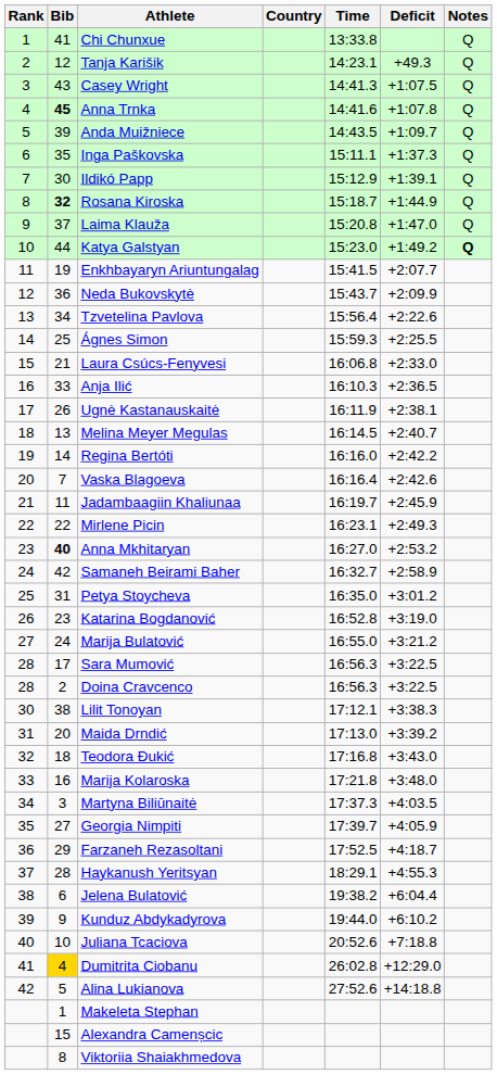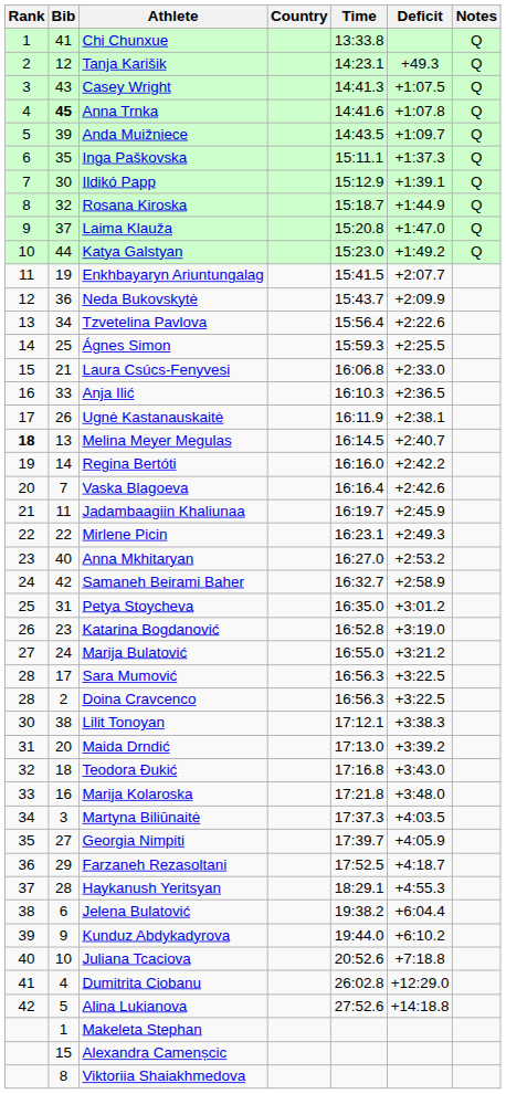 <table class="wikitable sortable" style="text-align:center">
 <tr>
 <th>Rank</th>
 <th>Bib</th>
 <th>Athlete</th>
 <th>Country</th>
 <th>Time</th>
 <th>Deficit</th>
 <th>Notes</th>
 </tr>
 <tr bgcolor=ccffcc>
 <td>1</td>
 <td>41</td>
 <td align=left><a href='#'>Chi Chunxue</a></td>
 <td align=left></td>
 <td>13:33.8</td>
 <td></td>
 <td>Q</td>
 </tr>
 <tr bgcolor=ccffcc>
 <td>2</td>
 <td>12</td>
 <td align=left><a href='#'>Tanja Karišik</a></td>
 <td align=left></td>
 <td>14:23.1</td>
 <td>+49.3</td>
 <td>Q</td>
 </tr>
 <tr bgcolor=ccffcc>
 <td>3</td>
 <td>43</td>
 <td align=left><a href='#'>Casey Wright</a></td>
 <td align=left></td>
 <td>14:41.3</td>
 <td>+1:07.5</td>
 <td>Q</td>
 </tr>
 <tr bgcolor=ccffcc>
 <td>4</td>
 <td><strong>45</strong></td>
 <td align=left><a href='#'>Anna Trnka</a></td>
 <td align=left></td>
 <td>14:41.6</td>
 <td>+1:07.8</td>
 <td>Q</td>
 </tr>
 <tr bgcolor=ccffcc>
 <td>5</td>
 <td>39</td>
 <td align=left><a href='#'>Anda Muižniece</a></td>
 <td align=left></td>
 <td>14:43.5</td>
 <td>+1:09.7</td>
 <td>Q</td>
 </tr>
 <tr bgcolor=ccffcc>
 <td>6</td>
 <td>35</td>
 <td align=left><a href='#'>Inga Paškovska</a></td>
 <td align=left></td>
 <td>15:11.1</td>
 <td>+1:37.3</td>
 <td>Q</td>
 </tr>
 <tr bgcolor=ccffcc>
 <td>7</td>
 <td>30</td>
 <td align=left><a href='#'>Ildikó Papp</a></td>
 <td align=left></td>
 <td>15:12.9</td>
 <td>+1:39.1</td>
 <td>Q</td>
 </tr>
 <tr bgcolor=ccffcc>
 <td>8</td>
-<td><strong>32</strong></td>
+<td>32</td>
 <td align=left><a href='#'>Rosana Kiroska</a></td>
 <td align=left></td>
 <td>15:18.7</td>
 <td>+1:44.9</td>
 <td>Q</td>
 </tr>
 <tr bgcolor=ccffcc>
 <td>9</td>
 <td>37</td>
 <td align=left><a href='#'>Laima Klauža</a></td>
 <td align=left></td>
 <td>15:20.8</td>
 <td>+1:47.0</td>
 <td>Q</td>
 </tr>
 <tr bgcolor=ccffcc>
 <td>10</td>
 <td>44</td>
 <td align=left><a href='#'>Katya Galstyan</a></td>
 <td align=left></td>
 <td>15:23.0</td>
 <td>+1:49.2</td>
-<td><strong>Q</strong></td>
+<td>Q</td>
 </tr>
 <tr>
 <td>11</td>
 <td>19</td>
 <td align=left><a href='#'>Enkhbayaryn Ariuntungalag</a></td>
 <td align=left></td>
 <td>15:41.5</td>
 <td>+2:07.7</td>
 <td></td>
 </tr>
 <tr>
 <td>12</td>
 <td>36</td>
 <td align=left><a href='#'>Neda Bukovskytė</a></td>
 <td align=left></td>
 <td>15:43.7</td>
 <td>+2:09.9</td>
 <td></td>
 </tr>
 <tr>
 <td>13</td>
 <td>34</td>
 <td align=left><a href='#'>Tzvetelina Pavlova</a></td>
 <td align=left></td>
 <td>15:56.4</td>
 <td>+2:22.6</td>
 <td></td>
 </tr>
 <tr>
 <td>14</td>
 <td>25</td>
 <td align=left><a href='#'>Ágnes Simon</a></td>
 <td align=left></td>
 <td>15:59.3</td>
 <td>+2:25.5</td>
 <td></td>
 </tr>
 <tr>
 <td>15</td>
 <td>21</td>
 <td align=left><a href='#'>Laura Csúcs-Fenyvesi</a></td>
 <td align=left></td>
 <td>16:06.8</td>
 <td>+2:33.0</td>
 <td></td>
 </tr>
 <tr>
 <td>16</td>
 <td>33</td>
 <td align=left><a href='#'>Anja Ilić</a></td>
 <td align=left></td>
 <td>16:10.3</td>
 <td>+2:36.5</td>
 <td></td>
 </tr>
 <tr>
 <td>17</td>
 <td>26</td>
 <td align=left><a href='#'>Ugnė Kastanauskaitė</a></td>
 <td align=left></td>
 <td>16:11.9</td>
 <td>+2:38.1</td>
 <td></td>
 </tr>
 <tr>
-<td>18</td>
+<td><strong>18</strong></td>
 <td>13</td>
 <td align=left><a href='#'>Melina Meyer Megulas</a></td>
 <td align=left></td>
 <td>16:14.5</td>
 <td>+2:40.7</td>
 <td></td>
 </tr>
 <tr>
 <td>19</td>
 <td>14</td>
 <td align=left><a href='#'>Regina Bertóti</a></td>
 <td align=left></td>
 <td>16:16.0</td>
 <td>+2:42.2</td>
 <td></td>
 </tr>
 <tr>
 <td>20</td>
 <td>7</td>
 <td align=left><a href='#'>Vaska Blagoeva</a></td>
 <td align=left></td>
 <td>16:16.4</td>
 <td>+2:42.6</td>
 <td></td>
 </tr>
 <tr>
 <td>21</td>
 <td>11</td>
 <td align=left><a href='#'>Jadambaagiin Khaliunaa</a></td>
 <td align=left></td>
 <td>16:19.7</td>
 <td>+2:45.9</td>
 <td></td>
 </tr>
 <tr>
 <td>22</td>
 <td>22</td>
 <td align=left><a href='#'>Mirlene Picin</a></td>
 <td align=left></td>
 <td>16:23.1</td>
 <td>+2:49.3</td>
 <td></td>
 </tr>
 <tr>
 <td>23</td>
-<td><strong>40</strong></td>
+<td>40</td>
 <td align=left><a href='#'>Anna Mkhitaryan</a></td>
 <td align=left></td>
 <td>16:27.0</td>
 <td>+2:53.2</td>
 <td></td>
 </tr>
 <tr>
 <td>24</td>
 <td>42</td>
 <td align=left><a href='#'>Samaneh Beirami Baher</a></td>
 <td align=left></td>
 <td>16:32.7</td>
 <td>+2:58.9</td>
 <td></td>
 </tr>
 <tr>
 <td>25</td>
 <td>31</td>
 <td align=left><a href='#'>Petya Stoycheva</a></td>
 <td align=left></td>
 <td>16:35.0</td>
 <td>+3:01.2</td>
 <td></td>
 </tr>
 <tr>
 <td>26</td>
 <td>23</td>
 <td align=left><a href='#'>Katarina Bogdanović</a></td>
 <td align=left></td>
 <td>16:52.8</td>
 <td>+3:19.0</td>
 <td></td>
 </tr>
 <tr>
 <td>27</td>
 <td>24</td>
 <td align=left><a href='#'>Marija Bulatović</a></td>
 <td align=left></td>
 <td>16:55.0</td>
 <td>+3:21.2</td>
 <td></td>
 </tr>
 <tr>
 <td>28</td>
 <td>17</td>
 <td align=left><a href='#'>Sara Mumović</a></td>
 <td align=left></td>
 <td>16:56.3</td>
 <td>+3:22.5</td>
 <td></td>
 </tr>
 <tr>
 <td>28</td>
 <td>2</td>
 <td align=left><a href='#'>Doina Cravcenco</a></td>
 <td align=left></td>
 <td>16:56.3</td>
 <td>+3:22.5</td>
 <td></td>
 </tr>
 <tr>
 <td>30</td>
 <td>38</td>
 <td align=left><a href='#'>Lilit Tonoyan</a></td>
 <td align=left></td>
 <td>17:12.1</td>
 <td>+3:38.3</td>
 <td></td>
 </tr>
 <tr>
 <td>31</td>
 <td>20</td>
 <td align=left><a href='#'>Maida Drndić</a></td>
 <td align=left></td>
 <td>17:13.0</td>
 <td>+3:39.2</td>
 <td></td>
 </tr>
 <tr>
 <td>32</td>
 <td>18</td>
 <td align=left><a href='#'>Teodora Đukić</a></td>
 <td align=left></td>
 <td>17:16.8</td>
 <td>+3:43.0</td>
 <td></td>
 </tr>
 <tr>
 <td>33</td>
 <td>16</td>
 <td align=left><a href='#'>Marija Kolaroska</a></td>
 <td align=left></td>
 <td>17:21.8</td>
 <td>+3:48.0</td>
 <td></td>
 </tr>
 <tr>
 <td>34</td>
 <td>3</td>
 <td align=left><a href='#'>Martyna Biliūnaitė</a></td>
 <td align=left></td>
 <td>17:37.3</td>
 <td>+4:03.5</td>
 <td></td>
 </tr>
 <tr>
 <td>35</td>
 <td>27</td>
 <td align=left><a href='#'>Georgia Nimpiti</a></td>
 <td align=left></td>
 <td>17:39.7</td>
 <td>+4:05.9</td>
 <td></td>
 </tr>
 <tr>
 <td>36</td>
 <td>29</td>
 <td align=left><a href='#'>Farzaneh Rezasoltani</a></td>
 <td align=left></td>
 <td>17:52.5</td>
 <td>+4:18.7</td>
 <td></td>
 </tr>
 <tr>
 <td>37</td>
 <td>28</td>
 <td align=left><a href='#'>Haykanush Yeritsyan</a></td>
 <td align=left></td>
 <td>18:29.1</td>
 <td>+4:55.3</td>
 <td></td>
 </tr>
 <tr>
 <td>38</td>
 <td>6</td>
 <td align=left><a href='#'>Jelena Bulatović</a></td>
 <td align=left></td>
 <td>19:38.2</td>
 <td>+6:04.4</td>
 <td></td>
 </tr>
 <tr>
 <td>39</td>
 <td>9</td>
 <td align=left><a href='#'>Kunduz Abdykadyrova</a></td>
 <td align=left></td>
 <td>19:44.0</td>
 <td>+6:10.2</td>
 <td></td>
 </tr>
 <tr>
 <td>40</td>
 <td>10</td>
 <td align=left><a href='#'>Juliana Tcaciova</a></td>
 <td align=left></td>
 <td>20:52.6</td>
 <td>+7:18.8</td>
 <td></td>
 </tr>
 <tr>
 <td>41</td>
-<td style="background: gold;">4</td>
+<td>4</td>
 <td align=left><a href='#'>Dumitrita Ciobanu</a></td>
 <td align=left></td>
 <td>26:02.8</td>
 <td>+12:29.0</td>
 <td></td>
 </tr>
 <tr>
 <td>42</td>
 <td>5</td>
 <td align=left><a href='#'>Alina Lukianova</a></td>
 <td align=left></td>
 <td>27:52.6</td>
 <td>+14:18.8</td>
 <td></td>
 </tr>
 <tr>
 <td></td>
 <td>1</td>
 <td align=left><a href='#'>Makeleta Stephan</a></td>
 <td align=left></td>
 <td></td>
 <td></td>
 <td></td>
 </tr>
 <tr>
 <td></td>
 <td>15</td>
 <td align=left><a href='#'>Alexandra Camenșcic</a></td>
 <td align=left></td>
 <td></td>
 <td></td>
 <td></td>
 </tr>
 <tr>
 <td></td>
 <td>8</td>
 <td align=left><a href='#'>Viktoriia Shaiakhmedova</a></td>
 <td align=left></td>
 <td></td>
 <td></td>
 <td></td>
 </tr>
 </table>
